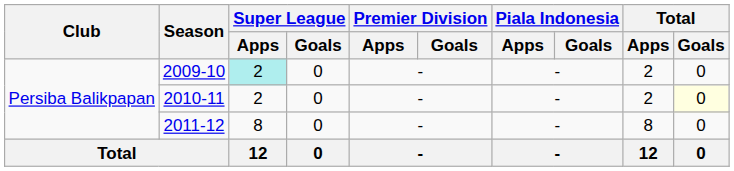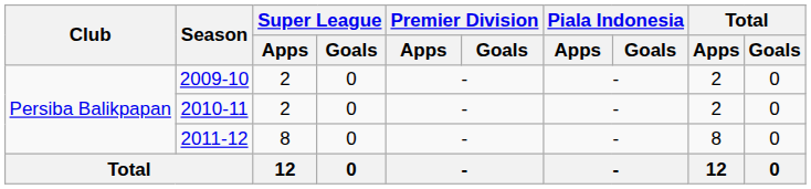 <table class="wikitable" style="font-size:90%; text-align:center;">
 <tr>
 <th rowspan="2">Club</th>
 <th rowspan="2">Season</th>
 <th colspan="2"><a href='#'>Super League</a></th>
 <th colspan="2"><a href='#'>Premier Division</a></th>
 <th colspan="2"><a href='#'>Piala Indonesia</a></th>
 <th colspan="2">Total</th>
 </tr>
 <tr>
 <th>Apps</th>
 <th>Goals</th>
 <th>Apps</th>
 <th>Goals</th>
 <th>Apps</th>
 <th>Goals</th>
 <th>Apps</th>
 <th>Goals</th>
 </tr>
 <tr>
 <td rowspan="3"><a href='#'>Persiba Balikpapan</a></td>
 <td><a href='#'>2009-10</a></td>
-<td style="background: paleturquoise;">2</td>
+<td>2</td>
 <td>0</td>
 <td colspan="2">-</td>
 <td colspan="2">-</td>
 <td>2</td>
 <td>0</td>
 </tr>
 <tr>
 <td><a href='#'>2010-11</a></td>
 <td>2</td>
 <td>0</td>
 <td colspan="2">-</td>
 <td colspan="2">-</td>
 <td>2</td>
-<td style="background: lightyellow;">0</td>
+<td>0</td>
 </tr>
 <tr>
 <td><a href='#'>2011-12</a></td>
 <td>8</td>
 <td>0</td>
 <td colspan="2">-</td>
 <td colspan="2">-</td>
 <td>8</td>
 <td>0</td>
 </tr>
 <tr>
 <th colspan="2">Total</th>
 <th>12</th>
 <th>0</th>
 <th colspan="2">-</th>
 <th colspan="2">-</th>
 <th>12</th>
 <th>0</th>
 </tr>
 </table>
